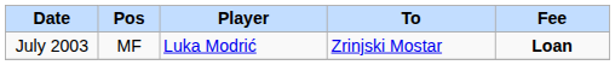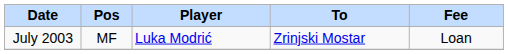 <table class="wikitable sortable">
 <tr>
 <th style="background:#C2DDFF" width=80>Date</th>
 <th style="background:#C2DDFF" width=50>Pos</th>
 <th style="background:#C2DDFF" width=150>Player</th>
 <th style="background:#C2DDFF" width=150>To</th>
 <th style="background:#C2DDFF" width=100>Fee</th>
 </tr>
 <tr>
 <td align="center">July 2003</td>
 <td align="center">MF</td>
 <td> <a href='#'>Luka Modrić</a></td>
 <td> <a href='#'>Zrinjski Mostar</a></td>
-<td align="center"><strong>Loan</strong></td>
+<td align="center">Loan</td>
 </tr>
 <tr>
 </tr>
 </table>
